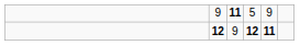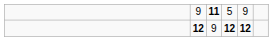 <table class="wikitable">
 <tr>
 <td style="width:18em"></td>
 <td align=center style="width:1em">9</td>
 <td align=center style="width:1em"><strong>11</strong></td>
 <td align=center style="width:1em">5</td>
 <td align=center style="width:1em">9</td>
 <td align=center style="width:1em"></td>
 </tr>
 <tr>
 <td style="width:18em"><strong></strong></td>
 <td align=center style="width:1em"><strong>12</strong></td>
 <td align=center style="width:1em">9</td>
 <td align=center style="width:1em"><strong>12</strong></td>
-<td align=center style="width:1em"><strong>11</strong></td>
+<td align=center style="width:1em"><strong>12</strong></td>
 <td align=center style="width:1em"></td>
 </tr>
 </table>
